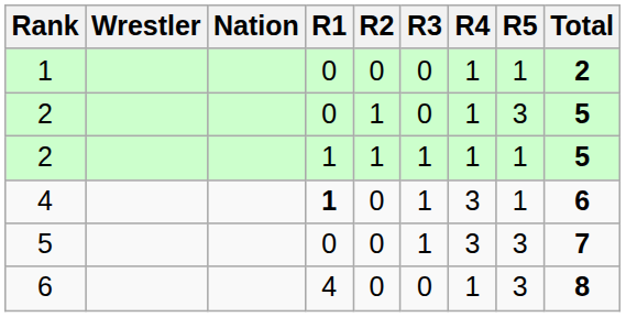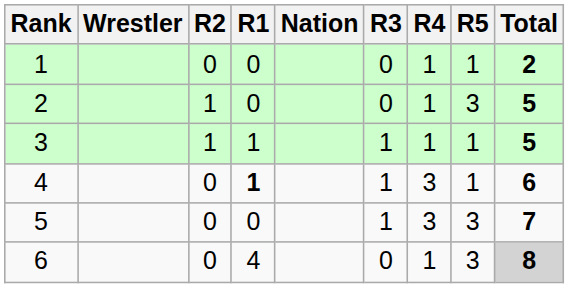 <table class="wikitable sortable" style="text-align:center;">
 <tr>
 <th>Rank</th>
 <th>Wrestler</th>
+<th>R2</th>
+<th>R1</th>
 <th>Nation</th>
-<th>R1</th>
-<th>R2</th>
 <th>R3</th>
 <th>R4</th>
 <th>R5</th>
 <th>Total</th>
 </tr>
 <tr style="background:#cfc;">
 <td>1</td>
 <td align=left></td>
-<td align=left></td>
 <td>0</td>
 <td>0</td>
+<td align=left></td>
 <td>0</td>
 <td>1</td>
 <td>1</td>
 <td><strong>2</strong></td>
 </tr>
 <tr style="background:#cfc;">
 <td>2</td>
 <td align=left></td>
+<td>1</td>
+<td>0</td>
 <td align=left></td>
-<td>0</td>
-<td>1</td>
 <td>0</td>
 <td>1</td>
 <td>3</td>
 <td><strong>5</strong></td>
 </tr>
 <tr style="background:#cfc;">
-<td>2</td>
-<td align=left></td>
+<td>3</td>
 <td align=left></td>
 <td>1</td>
 <td>1</td>
+<td align=left></td>
 <td>1</td>
 <td>1</td>
 <td>1</td>
 <td><strong>5</strong></td>
 </tr>
 <tr>
 <td>4</td>
 <td align=left></td>
+<td>0</td>
+<td><strong>1</strong></td>
 <td align=left></td>
-<td><strong>1</strong></td>
-<td>0</td>
 <td>1</td>
 <td>3</td>
 <td>1</td>
 <td><strong>6</strong></td>
 </tr>
 <tr>
 <td>5</td>
 <td align=left></td>
-<td align=left></td>
 <td>0</td>
 <td>0</td>
+<td align=left></td>
 <td>1</td>
 <td>3</td>
 <td>3</td>
 <td><strong>7</strong></td>
 </tr>
 <tr>
 <td>6</td>
 <td align=left></td>
+<td>0</td>
+<td>4</td>
 <td align=left></td>
-<td>4</td>
-<td>0</td>
 <td>0</td>
 <td>1</td>
 <td>3</td>
-<td><strong>8</strong></td>
+<td style="background: lightgrey;"><strong>8</strong></td>
 </tr>
 </table>
